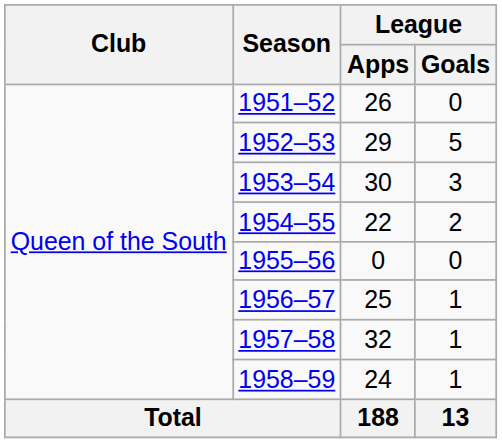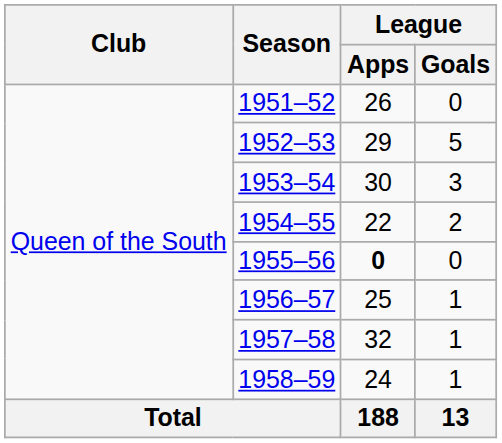 <table class="wikitable" style="font-size:90%; text-align: center;">
 <tr>
 <th rowspan="2">Club</th>
 <th rowspan="2">Season</th>
 <th colspan="2">League</th>
 </tr>
 <tr>
 <th>Apps</th>
 <th>Goals</th>
 </tr>
 <tr>
 <td rowspan="8" valign="center"><a href='#'>Queen of the South</a></td>
 <td><a href='#'>1951–52</a></td>
 <td>26</td>
 <td>0</td>
 </tr>
 <tr>
 <td><a href='#'>1952–53</a></td>
 <td>29</td>
 <td>5</td>
 </tr>
 <tr>
 <td><a href='#'>1953–54</a></td>
 <td>30</td>
 <td>3</td>
 </tr>
 <tr>
 <td><a href='#'>1954–55</a></td>
 <td>22</td>
 <td>2</td>
 </tr>
 <tr>
 <td><a href='#'>1955–56</a></td>
-<td>0</td>
+<td><strong>0</strong></td>
 <td>0</td>
 </tr>
 <tr>
 <td><a href='#'>1956–57</a></td>
 <td>25</td>
 <td>1</td>
 </tr>
 <tr>
 <td><a href='#'>1957–58</a></td>
 <td>32</td>
 <td>1</td>
 </tr>
 <tr>
 <td><a href='#'>1958–59</a></td>
 <td>24</td>
 <td>1</td>
 </tr>
 <tr>
 <th colspan="2">Total</th>
 <th>188</th>
 <th>13</th>
 </tr>
 </table>
